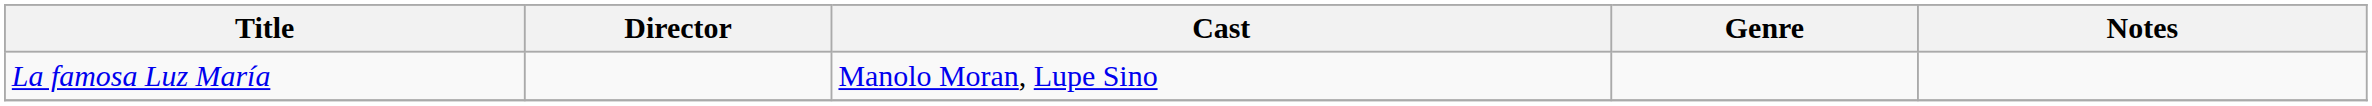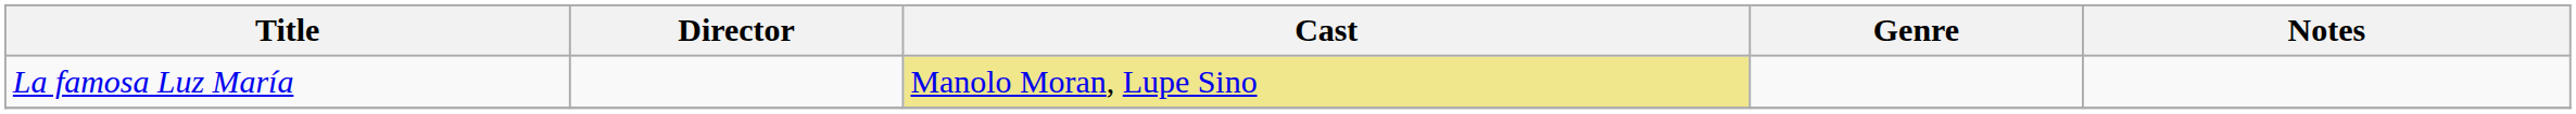 <table class="wikitable" style="width:100%;">
 <tr>
 <th style="width:22%;">Title</th>
 <th style="width:13%;">Director</th>
 <th style="width:33%;">Cast</th>
 <th style="width:13%;">Genre</th>
 <th style="width:19%;">Notes</th>
 </tr>
 <tr>
 <td><em><a href='#'>La famosa Luz María</a></em></td>
 <td></td>
-<td><a href='#'>Manolo Moran</a>, <a href='#'>Lupe Sino</a></td>
+<td style="background: khaki;"><a href='#'>Manolo Moran</a>, <a href='#'>Lupe Sino</a></td>
 <td></td>
 <td></td>
 </tr>
 <tr>
 </tr>
 </table>
